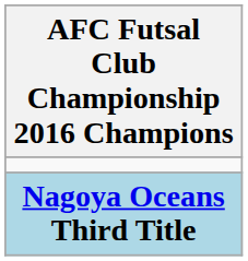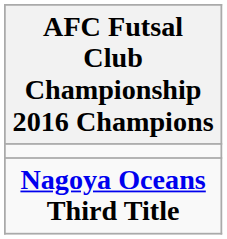 <table class="wikitable" style="text-align: center; margin: 0 auto; width: 20%">
 <tr>
 <th>AFC Futsal Club Championship<br>2016 Champions</th>
 </tr>
 <tr>
 <td></td>
 </tr>
 <tr>
-<td style="background: lightblue;"><strong><a href='#'>Nagoya Oceans</a></strong><br><strong>Third Title</strong></td>
+<td><strong><a href='#'>Nagoya Oceans</a></strong><br><strong>Third Title</strong></td>
 </tr>
 </table>
